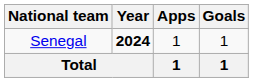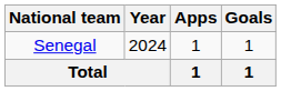 <table class="wikitable" style="text-align:center">
 <tr>
 <th>National team</th>
 <th>Year</th>
 <th>Apps</th>
 <th>Goals</th>
 </tr>
 <tr>
 <td><a href='#'>Senegal</a></td>
-<td><strong>2024</strong></td>
+<td>2024</td>
 <td>1</td>
 <td>1</td>
 </tr>
 <tr>
 <th colspan=2>Total</th>
 <th>1</th>
 <th>1</th>
 </tr>
 </table>
